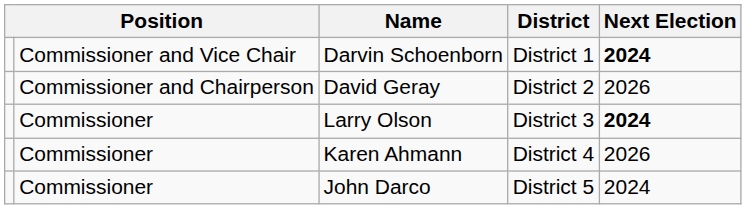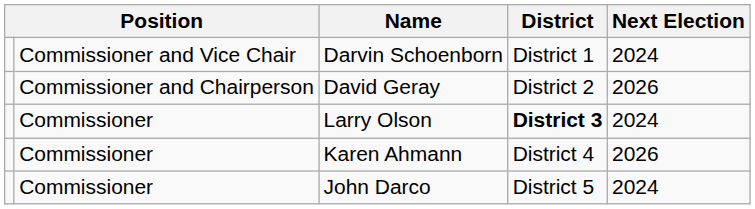 <table class="wikitable">
 <tr>
 <th colspan="2">Position</th>
 <th>Name</th>
 <th>District</th>
 <th>Next Election</th>
 </tr>
 <tr>
 <td></td>
 <td>Commissioner and Vice Chair</td>
 <td>Darvin Schoenborn</td>
 <td>District 1</td>
-<td><strong>2024</strong></td>
+<td>2024</td>
 </tr>
 <tr>
 <td></td>
 <td>Commissioner and Chairperson</td>
 <td>David Geray</td>
 <td>District 2</td>
 <td>2026</td>
 </tr>
 <tr>
 <td></td>
 <td>Commissioner</td>
 <td>Larry Olson</td>
-<td>District 3</td>
-<td><strong>2024</strong></td>
+<td><strong>District 3</strong></td>
+<td>2024</td>
 </tr>
 <tr>
 <td></td>
 <td>Commissioner</td>
 <td>Karen Ahmann</td>
 <td>District 4</td>
 <td>2026</td>
 </tr>
 <tr>
 <td></td>
 <td>Commissioner</td>
 <td>John Darco</td>
 <td>District 5</td>
 <td>2024</td>
 </tr>
 </table>
